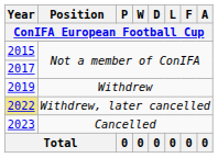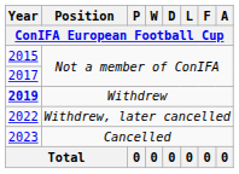 <table class="wikitable" style="text-align: center;">
 <tr>
 <th>Year</th>
 <th>Position</th>
 <th>P</th>
 <th>W</th>
 <th>D</th>
 <th>L</th>
 <th>F</th>
 <th>A</th>
 </tr>
 <tr>
 <th colspan=8><a href='#'>ConIFA European Football Cup</a></th>
 </tr>
 <tr>
 <td> <a href='#'>2015</a></td>
 <td colspan="7" rowspan="2"><em>Not a member of ConIFA</em></td>
 </tr>
 <tr>
 <td> <a href='#'>2017</a></td>
 </tr>
 <tr>
-<td> <a href='#'>2019</a></td>
+<td><strong> <a href='#'>2019</a></strong></td>
 <td colspan="7"><em>Withdrew</em></td>
 </tr>
 <tr>
-<td style="background: khaki;"> <a href='#'>2022</a></td>
+<td> <a href='#'>2022</a></td>
 <td colspan="7"><em>Withdrew, later cancelled</em></td>
 </tr>
 <tr>
 <td> <a href='#'>2023</a></td>
 <td colspan="7"><em>Cancelled</em></td>
 </tr>
 <tr>
 <th colspan=2>Total</th>
 <th>0</th>
 <th>0</th>
 <th>0</th>
 <th>0</th>
 <th>0</th>
 <th>0</th>
 </tr>
 </table>
